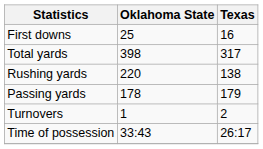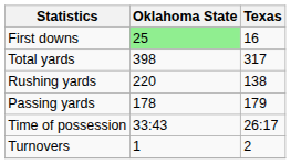 <table class="wikitable" style="float: left;">
 <tr>
 <th>Statistics</th>
 <th>Oklahoma State</th>
 <th>Texas</th>
 </tr>
 <tr>
 <td>First downs</td>
-<td>25</td>
+<td style="background: lightgreen;">25</td>
 <td>16</td>
 </tr>
 <tr>
 <td>Total yards</td>
 <td>398</td>
 <td>317</td>
 </tr>
 <tr>
 <td>Rushing yards</td>
 <td>220</td>
 <td>138</td>
 </tr>
 <tr>
 <td>Passing yards</td>
 <td>178</td>
 <td>179</td>
 </tr>
 <tr>
+<td>Time of possession</td>
+<td>33:43</td>
+<td>26:17</td>
+</tr>
+<tr>
 <td>Turnovers</td>
 <td>1</td>
 <td>2</td>
 </tr>
 <tr>
-<td>Time of possession</td>
-<td>33:43</td>
-<td>26:17</td>
-</tr>
-<tr>
 </tr>
 </table>
